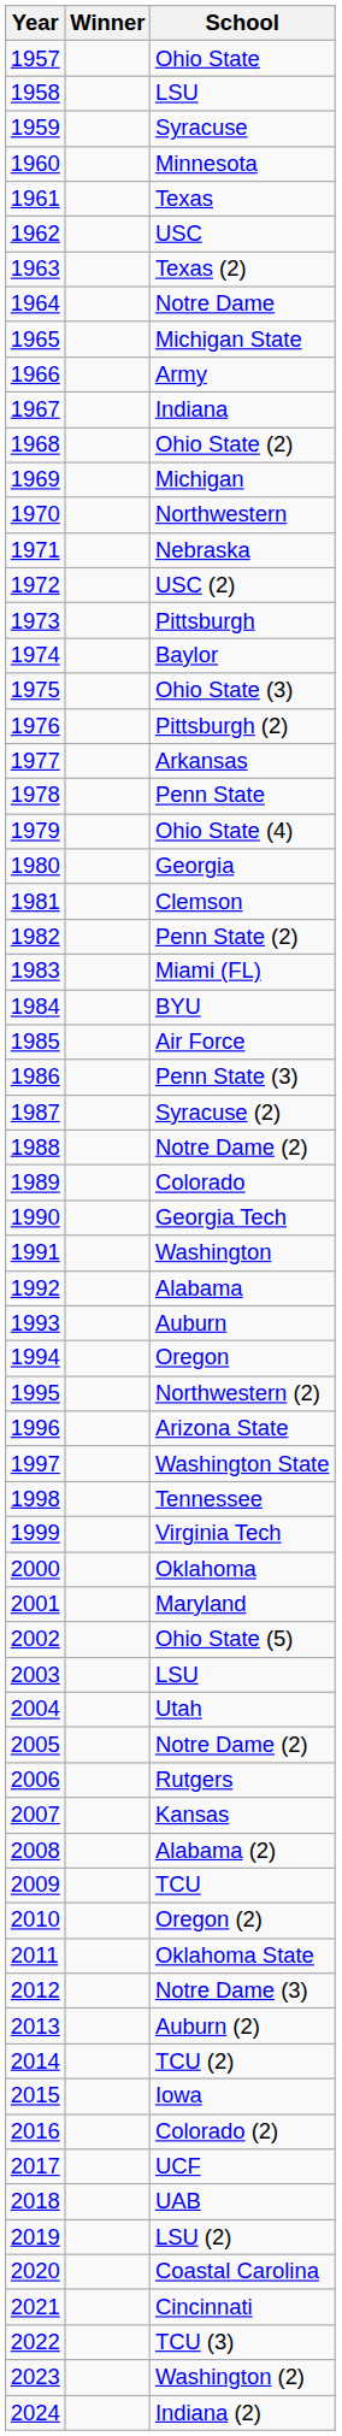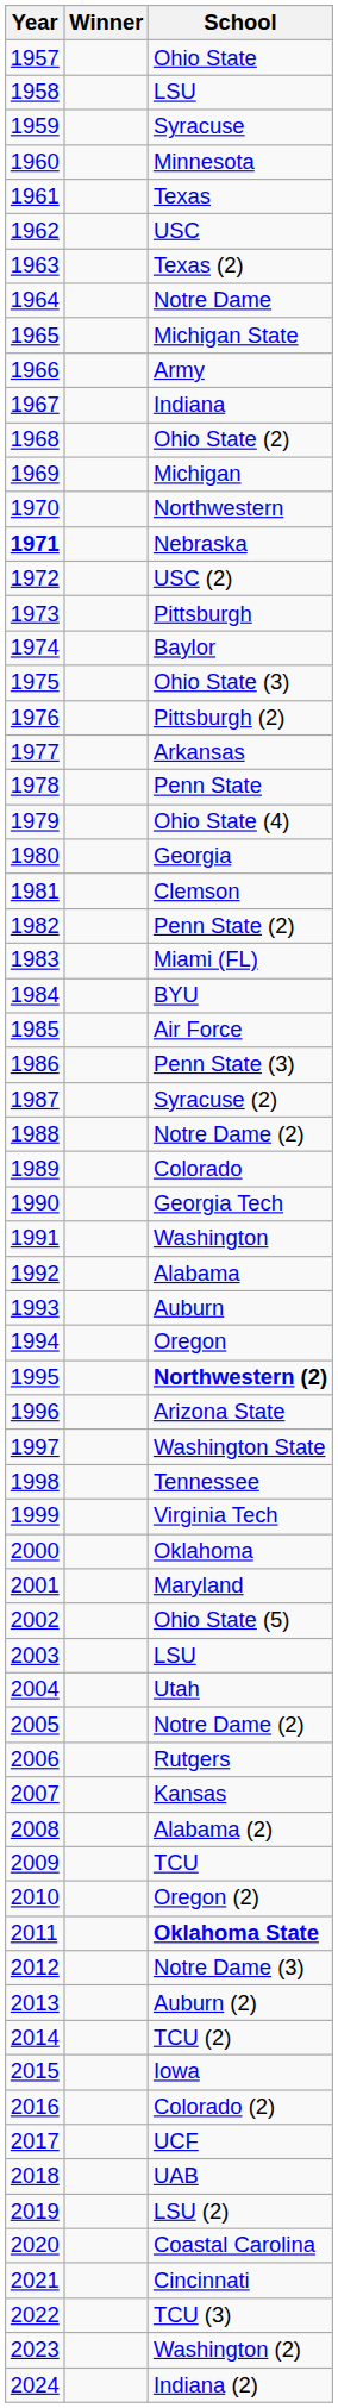 <table class="wikitable sortable">
 <tr>
 <th bgcolor="#e5e5e5">Year</th>
 <th bgcolor="#e5e5e5">Winner</th>
 <th bgcolor="#e5e5e5">School</th>
 </tr>
 <tr>
 <td><a href='#'>1957</a></td>
 <td></td>
 <td><a href='#'>Ohio State</a></td>
 </tr>
 <tr>
 <td><a href='#'>1958</a></td>
 <td></td>
 <td><a href='#'>LSU</a></td>
 </tr>
 <tr>
 <td><a href='#'>1959</a></td>
 <td></td>
 <td><a href='#'>Syracuse</a></td>
 </tr>
 <tr>
 <td><a href='#'>1960</a></td>
 <td></td>
 <td><a href='#'>Minnesota</a></td>
 </tr>
 <tr>
 <td><a href='#'>1961</a></td>
 <td></td>
 <td><a href='#'>Texas</a></td>
 </tr>
 <tr>
 <td><a href='#'>1962</a></td>
 <td></td>
 <td><a href='#'>USC</a></td>
 </tr>
 <tr>
 <td><a href='#'>1963</a></td>
 <td></td>
 <td><a href='#'>Texas</a> (2)</td>
 </tr>
 <tr>
 <td><a href='#'>1964</a></td>
 <td></td>
 <td><a href='#'>Notre Dame</a></td>
 </tr>
 <tr>
 <td><a href='#'>1965</a></td>
 <td></td>
 <td><a href='#'>Michigan State</a></td>
 </tr>
 <tr>
 <td><a href='#'>1966</a></td>
 <td></td>
 <td><a href='#'>Army</a></td>
 </tr>
 <tr>
 <td><a href='#'>1967</a></td>
 <td></td>
 <td><a href='#'>Indiana</a></td>
 </tr>
 <tr>
 <td><a href='#'>1968</a></td>
 <td></td>
 <td><a href='#'>Ohio State</a> (2)</td>
 </tr>
 <tr>
 <td><a href='#'>1969</a></td>
 <td></td>
 <td><a href='#'>Michigan</a></td>
 </tr>
 <tr>
 <td><a href='#'>1970</a></td>
 <td></td>
 <td><a href='#'>Northwestern</a></td>
 </tr>
 <tr>
-<td><a href='#'>1971</a></td>
+<td><strong><a href='#'>1971</a></strong></td>
 <td></td>
 <td><a href='#'>Nebraska</a></td>
 </tr>
 <tr>
 <td><a href='#'>1972</a></td>
 <td></td>
 <td><a href='#'>USC</a> (2)</td>
 </tr>
 <tr>
 <td><a href='#'>1973</a></td>
 <td></td>
 <td><a href='#'>Pittsburgh</a></td>
 </tr>
 <tr>
 <td><a href='#'>1974</a></td>
 <td></td>
 <td><a href='#'>Baylor</a></td>
 </tr>
 <tr>
 <td><a href='#'>1975</a></td>
 <td></td>
 <td><a href='#'>Ohio State</a> (3)</td>
 </tr>
 <tr>
 <td><a href='#'>1976</a></td>
 <td></td>
 <td><a href='#'>Pittsburgh</a> (2)</td>
 </tr>
 <tr>
 <td><a href='#'>1977</a></td>
 <td></td>
 <td><a href='#'>Arkansas</a></td>
 </tr>
 <tr>
 <td><a href='#'>1978</a></td>
 <td></td>
 <td><a href='#'>Penn State</a></td>
 </tr>
 <tr>
 <td><a href='#'>1979</a></td>
 <td></td>
 <td><a href='#'>Ohio State</a> (4)</td>
 </tr>
 <tr>
 <td><a href='#'>1980</a></td>
 <td></td>
 <td><a href='#'>Georgia</a></td>
 </tr>
 <tr>
 <td><a href='#'>1981</a></td>
 <td></td>
 <td><a href='#'>Clemson</a></td>
 </tr>
 <tr>
 <td><a href='#'>1982</a></td>
 <td></td>
 <td><a href='#'>Penn State</a> (2)</td>
 </tr>
 <tr>
 <td><a href='#'>1983</a></td>
 <td></td>
 <td><a href='#'>Miami (FL)</a></td>
 </tr>
 <tr>
 <td><a href='#'>1984</a></td>
 <td></td>
 <td><a href='#'>BYU</a></td>
 </tr>
 <tr>
 <td><a href='#'>1985</a></td>
 <td></td>
 <td><a href='#'>Air Force</a></td>
 </tr>
 <tr>
 <td><a href='#'>1986</a></td>
 <td></td>
 <td><a href='#'>Penn State</a> (3)</td>
 </tr>
 <tr>
 <td><a href='#'>1987</a></td>
 <td></td>
 <td><a href='#'>Syracuse</a> (2)</td>
 </tr>
 <tr>
 <td><a href='#'>1988</a></td>
 <td></td>
 <td><a href='#'>Notre Dame</a> (2)</td>
 </tr>
 <tr>
 <td><a href='#'>1989</a></td>
 <td></td>
 <td><a href='#'>Colorado</a></td>
 </tr>
 <tr>
 <td><a href='#'>1990</a></td>
 <td></td>
 <td><a href='#'>Georgia Tech</a></td>
 </tr>
 <tr>
 <td><a href='#'>1991</a></td>
 <td></td>
 <td><a href='#'>Washington</a></td>
 </tr>
 <tr>
 <td><a href='#'>1992</a></td>
 <td></td>
 <td><a href='#'>Alabama</a></td>
 </tr>
 <tr>
 <td><a href='#'>1993</a></td>
 <td></td>
 <td><a href='#'>Auburn</a></td>
 </tr>
 <tr>
 <td><a href='#'>1994</a></td>
 <td></td>
 <td><a href='#'>Oregon</a></td>
 </tr>
 <tr>
 <td><a href='#'>1995</a></td>
 <td></td>
-<td><a href='#'>Northwestern</a> (2)</td>
+<td><strong><a href='#'>Northwestern</a> (2)</strong></td>
 </tr>
 <tr>
 <td><a href='#'>1996</a></td>
 <td></td>
 <td><a href='#'>Arizona State</a></td>
 </tr>
 <tr>
 <td><a href='#'>1997</a></td>
 <td></td>
 <td><a href='#'>Washington State</a></td>
 </tr>
 <tr>
 <td><a href='#'>1998</a></td>
 <td></td>
 <td><a href='#'>Tennessee</a></td>
 </tr>
 <tr>
 <td><a href='#'>1999</a></td>
 <td></td>
 <td><a href='#'>Virginia Tech</a></td>
 </tr>
 <tr>
 <td><a href='#'>2000</a></td>
 <td></td>
 <td><a href='#'>Oklahoma</a></td>
 </tr>
 <tr>
 <td><a href='#'>2001</a></td>
 <td></td>
 <td><a href='#'>Maryland</a></td>
 </tr>
 <tr>
 <td><a href='#'>2002</a></td>
 <td></td>
 <td><a href='#'>Ohio State</a> (5)</td>
 </tr>
 <tr>
 <td><a href='#'>2003</a></td>
 <td></td>
 <td><a href='#'>LSU</a></td>
 </tr>
 <tr>
 <td><a href='#'>2004</a></td>
 <td></td>
 <td><a href='#'>Utah</a></td>
 </tr>
 <tr>
 <td><a href='#'>2005</a></td>
 <td></td>
 <td><a href='#'>Notre Dame</a> (2)</td>
 </tr>
 <tr>
 <td><a href='#'>2006</a></td>
 <td></td>
 <td><a href='#'>Rutgers</a></td>
 </tr>
 <tr>
 <td><a href='#'>2007</a></td>
 <td></td>
 <td><a href='#'>Kansas</a></td>
 </tr>
 <tr>
 <td><a href='#'>2008</a></td>
 <td></td>
 <td><a href='#'>Alabama</a> (2)</td>
 </tr>
 <tr>
 <td><a href='#'>2009</a></td>
 <td></td>
 <td><a href='#'>TCU</a></td>
 </tr>
 <tr>
 <td><a href='#'>2010</a></td>
 <td></td>
 <td><a href='#'>Oregon</a> (2)</td>
 </tr>
 <tr>
 <td><a href='#'>2011</a></td>
 <td></td>
-<td><a href='#'>Oklahoma State</a></td>
+<td><strong><a href='#'>Oklahoma State</a></strong></td>
 </tr>
 <tr>
 <td><a href='#'>2012</a></td>
 <td></td>
 <td><a href='#'>Notre Dame</a> (3)</td>
 </tr>
 <tr>
 <td><a href='#'>2013</a></td>
 <td></td>
 <td><a href='#'>Auburn</a> (2)</td>
 </tr>
 <tr>
 <td><a href='#'>2014</a></td>
 <td></td>
 <td><a href='#'>TCU</a> (2)</td>
 </tr>
 <tr>
 <td><a href='#'>2015</a></td>
 <td></td>
 <td><a href='#'>Iowa</a></td>
 </tr>
 <tr>
 <td><a href='#'>2016</a></td>
 <td></td>
 <td><a href='#'>Colorado</a> (2)</td>
 </tr>
 <tr>
 <td><a href='#'>2017</a></td>
 <td></td>
 <td><a href='#'>UCF</a></td>
 </tr>
 <tr>
 <td><a href='#'>2018</a></td>
 <td></td>
 <td><a href='#'>UAB</a></td>
 </tr>
 <tr>
 <td><a href='#'>2019</a></td>
 <td></td>
 <td><a href='#'>LSU</a> (2)</td>
 </tr>
 <tr>
 <td><a href='#'>2020</a></td>
 <td></td>
 <td><a href='#'>Coastal Carolina</a></td>
 </tr>
 <tr>
 <td><a href='#'>2021</a></td>
 <td></td>
 <td><a href='#'>Cincinnati</a></td>
 </tr>
 <tr>
 <td><a href='#'>2022</a></td>
 <td></td>
 <td><a href='#'>TCU</a> (3)</td>
 </tr>
 <tr>
 <td><a href='#'>2023</a></td>
 <td></td>
 <td><a href='#'>Washington</a> (2)</td>
 </tr>
 <tr>
 <td><a href='#'>2024</a></td>
 <td></td>
 <td><a href='#'>Indiana</a> (2)</td>
 </tr>
 </table>
